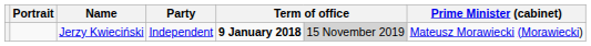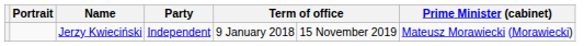 <table class="wikitable">
 <tr>
 <th></th>
 <th>Portrait</th>
 <th>Name</th>
 <th>Party</th>
 <th colspan="2">Term of office</th>
 <th><a href='#'>Prime Minister</a> (cabinet)</th>
 </tr>
 <tr>
 <th style="background:"></th>
 <td></td>
 <td><a href='#'>Jerzy Kwieciński</a></td>
 <td><a href='#'>Independent</a></td>
-<td><strong>9 January 2018</strong></td>
-<td style="background: lightgrey;">15 November 2019</td>
+<td>9 January 2018</td>
+<td>15 November 2019</td>
 <td><a href='#'>Mateusz Morawiecki</a> <a href='#'>(Morawiecki</a>)</td>
 </tr>
 </table>
